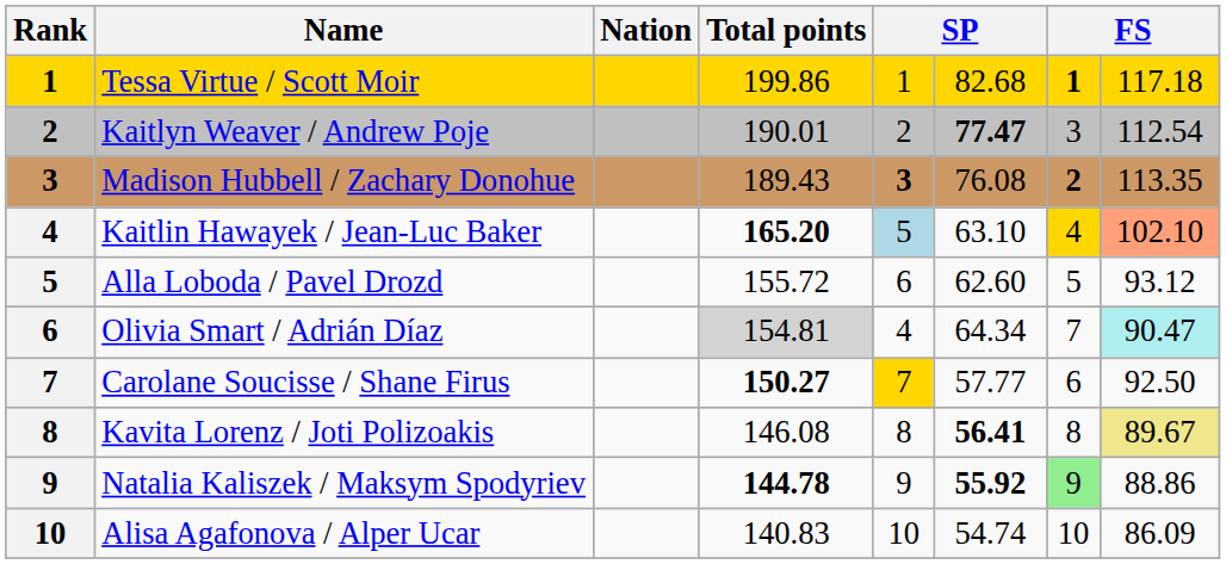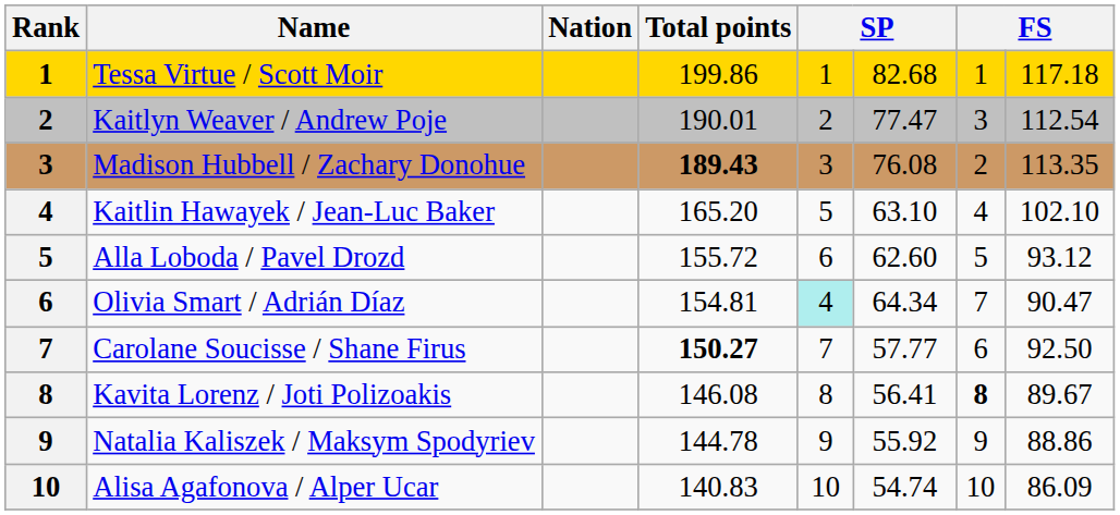 <table class="wikitable sortable">
 <tr>
 <th>Rank</th>
 <th>Name</th>
 <th>Nation</th>
 <th>Total points</th>
 <th colspan="2" width="80px"><a href='#'>SP</a></th>
 <th colspan="2" width="80px"><a href='#'>FS</a></th>
 </tr>
 <tr bgcolor="gold">
 <td align="center"><strong>1</strong></td>
 <td><a href='#'>Tessa Virtue</a> / <a href='#'>Scott Moir</a></td>
 <td></td>
 <td align="center">199.86</td>
 <td align="center">1</td>
 <td align="center">82.68</td>
-<td align="center"><strong>1</strong></td>
+<td align="center">1</td>
 <td align="center">117.18</td>
 </tr>
 <tr bgcolor="silver">
 <td align="center"><strong>2</strong></td>
 <td><a href='#'>Kaitlyn Weaver</a> / <a href='#'>Andrew Poje</a></td>
 <td></td>
 <td align="center">190.01</td>
 <td align="center">2</td>
-<td align="center"><strong>77.47</strong></td>
+<td align="center">77.47</td>
 <td align="center">3</td>
 <td align="center">112.54</td>
 </tr>
 <tr bgcolor="cc9966">
 <td align="center"><strong>3</strong></td>
 <td><a href='#'>Madison Hubbell</a> / <a href='#'>Zachary Donohue</a></td>
 <td></td>
-<td align="center">189.43</td>
-<td align="center"><strong>3</strong></td>
+<td align="center"><strong>189.43</strong></td>
+<td align="center">3</td>
 <td align="center">76.08</td>
-<td align="center"><strong>2</strong></td>
+<td align="center">2</td>
 <td align="center">113.35</td>
 </tr>
 <tr>
 <th>4</th>
 <td><a href='#'>Kaitlin Hawayek</a> / <a href='#'>Jean-Luc Baker</a></td>
 <td></td>
-<td align="center"><strong>165.20</strong></td>
-<td align="center" style="background: lightblue;">5</td>
+<td align="center">165.20</td>
+<td align="center">5</td>
 <td align="center">63.10</td>
-<td align="center" style="background: gold;">4</td>
-<td align="center" style="background: lightsalmon;">102.10</td>
+<td align="center">4</td>
+<td align="center">102.10</td>
 </tr>
 <tr>
 <th>5</th>
 <td><a href='#'>Alla Loboda</a> / <a href='#'>Pavel Drozd</a></td>
 <td></td>
 <td align="center">155.72</td>
 <td align="center">6</td>
 <td align="center">62.60</td>
 <td align="center">5</td>
 <td align="center">93.12</td>
 </tr>
 <tr>
 <th>6</th>
 <td><a href='#'>Olivia Smart</a> / <a href='#'>Adrián Díaz</a></td>
 <td></td>
-<td align="center" style="background: lightgrey;">154.81</td>
-<td align="center">4</td>
+<td align="center">154.81</td>
+<td align="center" style="background: paleturquoise;">4</td>
 <td align="center">64.34</td>
 <td align="center">7</td>
-<td align="center" style="background: paleturquoise;">90.47</td>
+<td align="center">90.47</td>
 </tr>
 <tr>
 <th>7</th>
 <td><a href='#'>Carolane Soucisse</a> / <a href='#'>Shane Firus</a></td>
 <td></td>
 <td align="center"><strong>150.27</strong></td>
-<td align="center" style="background: gold;">7</td>
+<td align="center">7</td>
 <td align="center">57.77</td>
 <td align="center">6</td>
 <td align="center">92.50</td>
 </tr>
 <tr>
 <th>8</th>
 <td><a href='#'>Kavita Lorenz</a> / <a href='#'>Joti Polizoakis</a></td>
 <td></td>
 <td align="center">146.08</td>
 <td align="center">8</td>
-<td align="center"><strong>56.41</strong></td>
-<td align="center">8</td>
-<td align="center" style="background: khaki;">89.67</td>
+<td align="center">56.41</td>
+<td align="center"><strong>8</strong></td>
+<td align="center">89.67</td>
 </tr>
 <tr>
 <th>9</th>
 <td><a href='#'>Natalia Kaliszek</a> / <a href='#'>Maksym Spodyriev</a></td>
 <td></td>
-<td align="center"><strong>144.78</strong></td>
+<td align="center">144.78</td>
 <td align="center">9</td>
-<td align="center"><strong>55.92</strong></td>
-<td align="center" style="background: lightgreen;">9</td>
+<td align="center">55.92</td>
+<td align="center">9</td>
 <td align="center">88.86</td>
 </tr>
 <tr>
 <th>10</th>
 <td><a href='#'>Alisa Agafonova</a> / <a href='#'>Alper Ucar</a></td>
 <td></td>
 <td align="center">140.83</td>
 <td align="center">10</td>
 <td align="center">54.74</td>
 <td align="center">10</td>
 <td align="center">86.09</td>
 </tr>
 </table>
